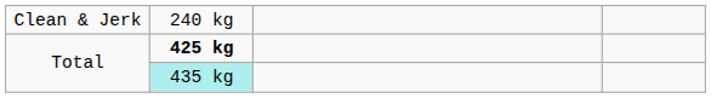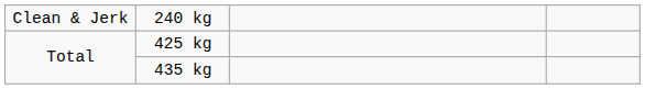 <table class = "wikitable" style="text-align:center;">
 <tr>
 <td width=100 rowspan=1>Clean & Jerk</td>
 <td width=70>240 kg</td>
 <td width=250 align=left></td>
 <td width=70></td>
 </tr>
 <tr>
 <td rowspan=2>Total</td>
-<td><strong>425 kg</strong></td>
+<td>425 kg</td>
 <td align=left></td>
 <td></td>
 </tr>
 <tr>
-<td style="background: paleturquoise;">435 kg</td>
+<td>435 kg</td>
 <td align=left></td>
 <td></td>
 </tr>
 </table>
